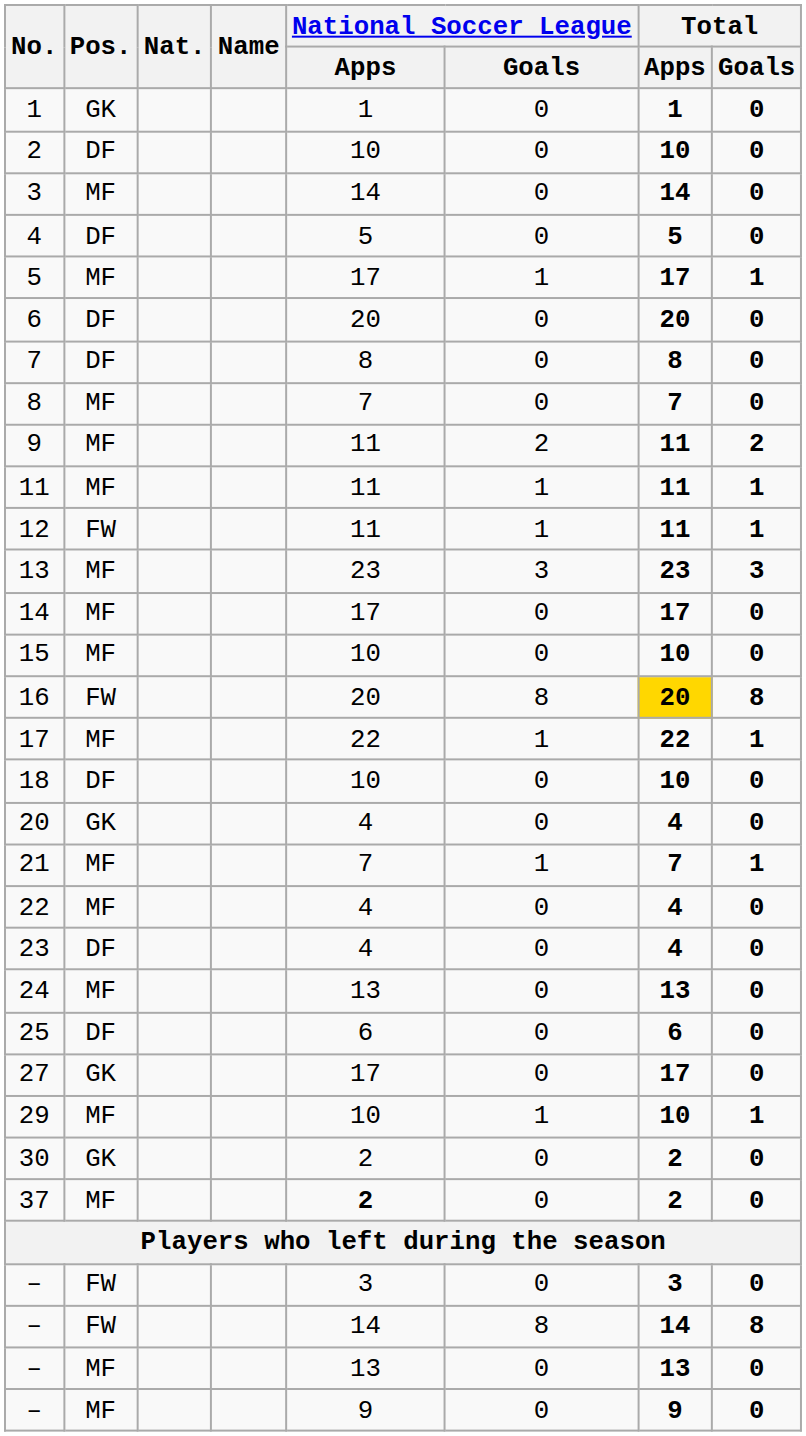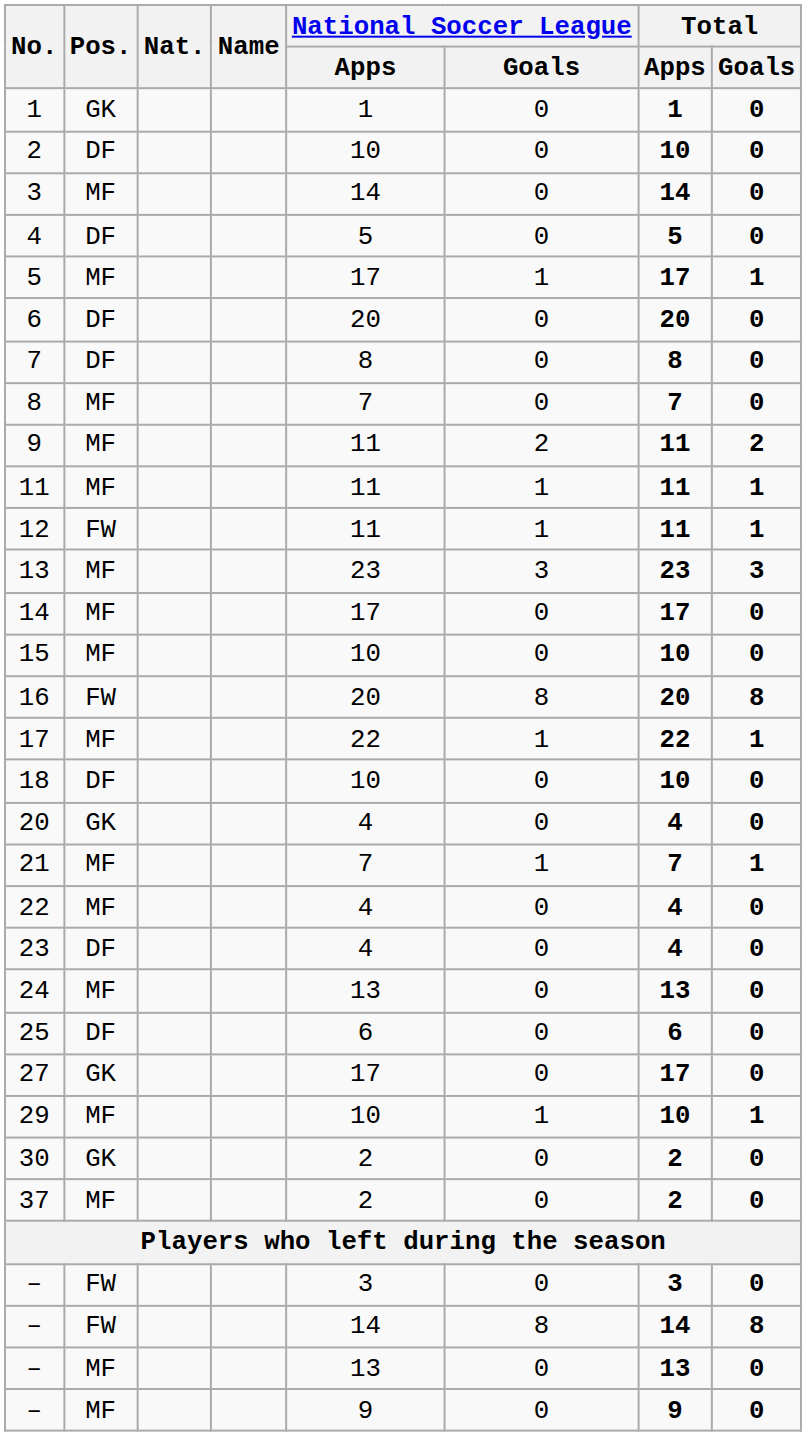 <table class="wikitable sortable" style="text-align:center">
 <tr>
 <th rowspan="2">No.</th>
 <th rowspan="2">Pos.</th>
 <th rowspan="2">Nat.</th>
 <th rowspan="2">Name</th>
 <th colspan="2"><a href='#'>National Soccer League</a></th>
 <th colspan="2">Total</th>
 </tr>
 <tr>
 <th>Apps</th>
 <th>Goals</th>
 <th>Apps</th>
 <th>Goals</th>
 </tr>
 <tr>
 <td>1</td>
 <td>GK</td>
 <td></td>
 <td align=left></td>
 <td>1</td>
 <td>0</td>
 <td><strong>1</strong></td>
 <td><strong>0</strong></td>
 </tr>
 <tr>
 <td>2</td>
 <td>DF</td>
 <td></td>
 <td align=left></td>
 <td>10</td>
 <td>0</td>
 <td><strong>10</strong></td>
 <td><strong>0</strong></td>
 </tr>
 <tr>
 <td>3</td>
 <td>MF</td>
 <td></td>
 <td align=left></td>
 <td>14</td>
 <td>0</td>
 <td><strong>14</strong></td>
 <td><strong>0</strong></td>
 </tr>
 <tr>
 <td>4</td>
 <td>DF</td>
 <td></td>
 <td align=left></td>
 <td>5</td>
 <td>0</td>
 <td><strong>5</strong></td>
 <td><strong>0</strong></td>
 </tr>
 <tr>
 <td>5</td>
 <td>MF</td>
 <td></td>
 <td align=left></td>
 <td>17</td>
 <td>1</td>
 <td><strong>17</strong></td>
 <td><strong>1</strong></td>
 </tr>
 <tr>
 <td>6</td>
 <td>DF</td>
 <td></td>
 <td align=left></td>
 <td>20</td>
 <td>0</td>
 <td><strong>20</strong></td>
 <td><strong>0</strong></td>
 </tr>
 <tr>
 <td>7</td>
 <td>DF</td>
 <td></td>
 <td align=left></td>
 <td>8</td>
 <td>0</td>
 <td><strong>8</strong></td>
 <td><strong>0</strong></td>
 </tr>
 <tr>
 <td>8</td>
 <td>MF</td>
 <td></td>
 <td align=left></td>
 <td>7</td>
 <td>0</td>
 <td><strong>7</strong></td>
 <td><strong>0</strong></td>
 </tr>
 <tr>
 <td>9</td>
 <td>MF</td>
 <td></td>
 <td align=left></td>
 <td>11</td>
 <td>2</td>
 <td><strong>11</strong></td>
 <td><strong>2</strong></td>
 </tr>
 <tr>
 <td>11</td>
 <td>MF</td>
 <td></td>
 <td align=left></td>
 <td>11</td>
 <td>1</td>
 <td><strong>11</strong></td>
 <td><strong>1</strong></td>
 </tr>
 <tr>
 <td>12</td>
 <td>FW</td>
 <td></td>
 <td align=left></td>
 <td>11</td>
 <td>1</td>
 <td><strong>11</strong></td>
 <td><strong>1</strong></td>
 </tr>
 <tr>
 <td>13</td>
 <td>MF</td>
 <td></td>
 <td align=left></td>
 <td>23</td>
 <td>3</td>
 <td><strong>23</strong></td>
 <td><strong>3</strong></td>
 </tr>
 <tr>
 <td>14</td>
 <td>MF</td>
 <td></td>
 <td align=left></td>
 <td>17</td>
 <td>0</td>
 <td><strong>17</strong></td>
 <td><strong>0</strong></td>
 </tr>
 <tr>
 <td>15</td>
 <td>MF</td>
 <td></td>
 <td align=left></td>
 <td>10</td>
 <td>0</td>
 <td><strong>10</strong></td>
 <td><strong>0</strong></td>
 </tr>
 <tr>
 <td>16</td>
 <td>FW</td>
 <td></td>
 <td align=left></td>
 <td>20</td>
 <td>8</td>
-<td style="background: gold;"><strong>20</strong></td>
+<td><strong>20</strong></td>
 <td><strong>8</strong></td>
 </tr>
 <tr>
 <td>17</td>
 <td>MF</td>
 <td></td>
 <td align=left></td>
 <td>22</td>
 <td>1</td>
 <td><strong>22</strong></td>
 <td><strong>1</strong></td>
 </tr>
 <tr>
 <td>18</td>
 <td>DF</td>
 <td></td>
 <td align=left></td>
 <td>10</td>
 <td>0</td>
 <td><strong>10</strong></td>
 <td><strong>0</strong></td>
 </tr>
 <tr>
 <td>20</td>
 <td>GK</td>
 <td></td>
 <td align=left></td>
 <td>4</td>
 <td>0</td>
 <td><strong>4</strong></td>
 <td><strong>0</strong></td>
 </tr>
 <tr>
 <td>21</td>
 <td>MF</td>
 <td></td>
 <td align=left></td>
 <td>7</td>
 <td>1</td>
 <td><strong>7</strong></td>
 <td><strong>1</strong></td>
 </tr>
 <tr>
 <td>22</td>
 <td>MF</td>
 <td></td>
 <td align=left></td>
 <td>4</td>
 <td>0</td>
 <td><strong>4</strong></td>
 <td><strong>0</strong></td>
 </tr>
 <tr>
 <td>23</td>
 <td>DF</td>
 <td></td>
 <td align=left></td>
 <td>4</td>
 <td>0</td>
 <td><strong>4</strong></td>
 <td><strong>0</strong></td>
 </tr>
 <tr>
 <td>24</td>
 <td>MF</td>
 <td></td>
 <td align=left></td>
 <td>13</td>
 <td>0</td>
 <td><strong>13</strong></td>
 <td><strong>0</strong></td>
 </tr>
 <tr>
 <td>25</td>
 <td>DF</td>
 <td></td>
 <td align=left></td>
 <td>6</td>
 <td>0</td>
 <td><strong>6</strong></td>
 <td><strong>0</strong></td>
 </tr>
 <tr>
 <td>27</td>
 <td>GK</td>
 <td></td>
 <td align=left></td>
 <td>17</td>
 <td>0</td>
 <td><strong>17</strong></td>
 <td><strong>0</strong></td>
 </tr>
 <tr>
 <td>29</td>
 <td>MF</td>
 <td></td>
 <td align=left></td>
 <td>10</td>
 <td>1</td>
 <td><strong>10</strong></td>
 <td><strong>1</strong></td>
 </tr>
 <tr>
 <td>30</td>
 <td>GK</td>
 <td></td>
 <td align=left></td>
 <td>2</td>
 <td>0</td>
 <td><strong>2</strong></td>
 <td><strong>0</strong></td>
 </tr>
 <tr>
 <td>37</td>
 <td>MF</td>
 <td></td>
 <td align=left></td>
-<td><strong>2</strong></td>
+<td>2</td>
 <td>0</td>
 <td><strong>2</strong></td>
 <td><strong>0</strong></td>
 </tr>
 <tr>
 <th colspan="17">Players who left during the season</th>
 </tr>
 <tr>
 <td>–</td>
 <td>FW</td>
 <td></td>
 <td align=left></td>
 <td>3</td>
 <td>0</td>
 <td><strong>3</strong></td>
 <td><strong>0</strong></td>
 </tr>
 <tr>
 <td>–</td>
 <td>FW</td>
 <td></td>
 <td align=left></td>
 <td>14</td>
 <td>8</td>
 <td><strong>14</strong></td>
 <td><strong>8</strong></td>
 </tr>
 <tr>
 <td>–</td>
 <td>MF</td>
 <td></td>
 <td align=left></td>
 <td>13</td>
 <td>0</td>
 <td><strong>13</strong></td>
 <td><strong>0</strong></td>
 </tr>
 <tr>
 <td>–</td>
 <td>MF</td>
 <td></td>
 <td align=left></td>
 <td>9</td>
 <td>0</td>
 <td><strong>9</strong></td>
 <td><strong>0</strong></td>
 </tr>
 </table>
